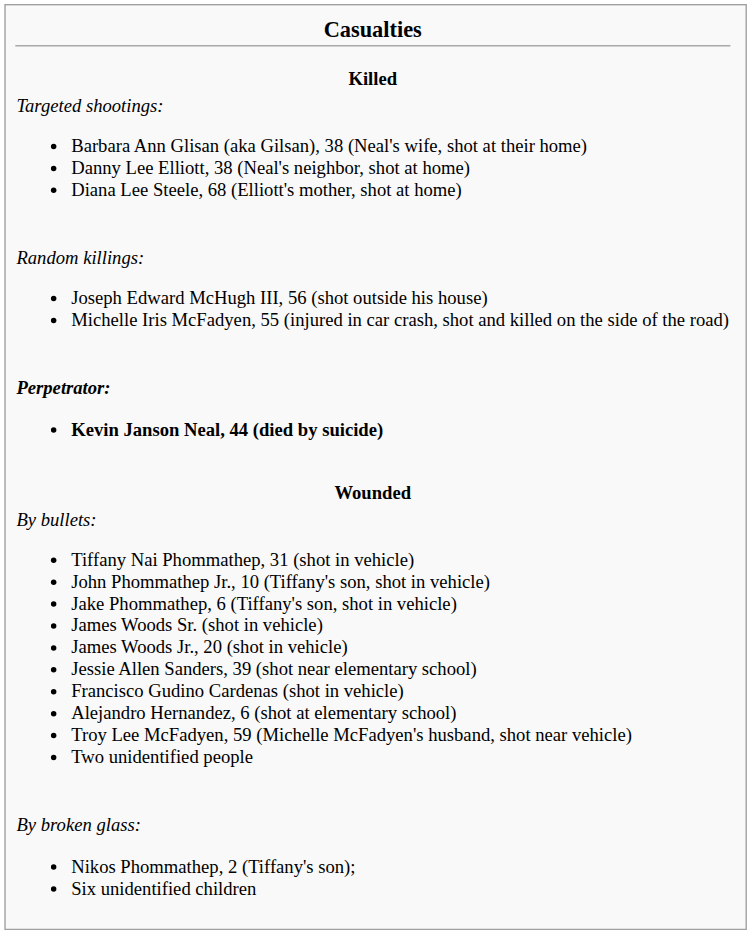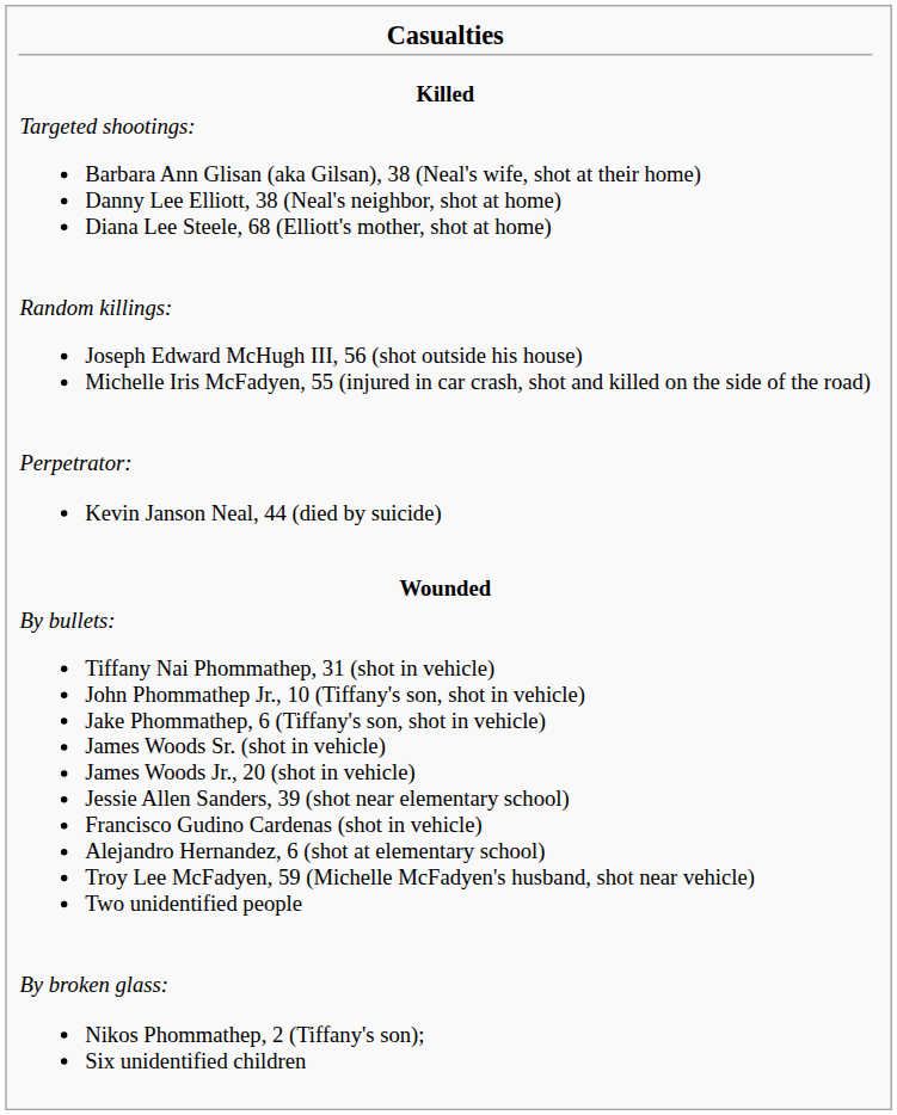 <table class="collapsible"  style="float: right; margin: 0 0 .75em .75em; border: 1px solid #a0a0a0; padding: 5px; font-size:85%; background: #F9F9F9;">
 <tr>
 <th style="font-size: 120%; border-bottom: 1px solid #a0a0a0;">Casualties</th>
 <td></td>
 </tr>
 <tr>
 <th style="padding-top: 1em;">Killed</th>
 </tr>
 <tr>
 <td><em>Targeted shootings:</em><br><ul><li>Barbara Ann Glisan (aka Gilsan), 38 (Neal's wife, shot at their home)</li><li>Danny Lee Elliott, 38 (Neal's neighbor, shot at home)</li><li>Diana Lee Steele, 68 (Elliott's mother, shot at home)</li></ul></td>
 </tr>
 <tr>
 <td><br><em>Random killings:</em><ul><li>Joseph Edward McHugh III, 56 (shot outside his house)</li><li>Michelle Iris McFadyen, 55 (injured in car crash, shot and killed on the side of the road)</li></ul></td>
 </tr>
 <tr>
-<td><strong><br><em>Perpetrator:</em><ul><li>Kevin Janson Neal, 44 (died by suicide)</li></ul></strong></td>
+<td><br><em>Perpetrator:</em><ul><li>Kevin Janson Neal, 44 (died by suicide)</li></ul></td>
 </tr>
 <tr>
 <th style="padding-top: 1em;">Wounded</th>
 </tr>
 <tr>
 <td><em>By bullets:</em><br><ul><li>Tiffany Nai Phommathep, 31 (shot in vehicle)</li><li>John Phommathep Jr., 10 (Tiffany's son, shot in vehicle)</li><li>Jake Phommathep, 6 (Tiffany's son, shot in vehicle)</li><li>James Woods Sr. (shot in vehicle)</li><li>James Woods Jr., 20 (shot in vehicle)</li><li>Jessie Allen Sanders, 39 (shot near elementary school)</li><li>Francisco Gudino Cardenas (shot in vehicle)</li><li>Alejandro Hernandez, 6 (shot at elementary school)</li><li>Troy Lee McFadyen, 59 (Michelle McFadyen's husband, shot near vehicle)</li><li>Two unidentified people</li></ul></td>
 </tr>
 <tr>
 <td><br><em>By broken glass:</em><ul><li>Nikos Phommathep, 2 (Tiffany's son);</li><li>Six unidentified children</li></ul></td>
 </tr>
 </table>
